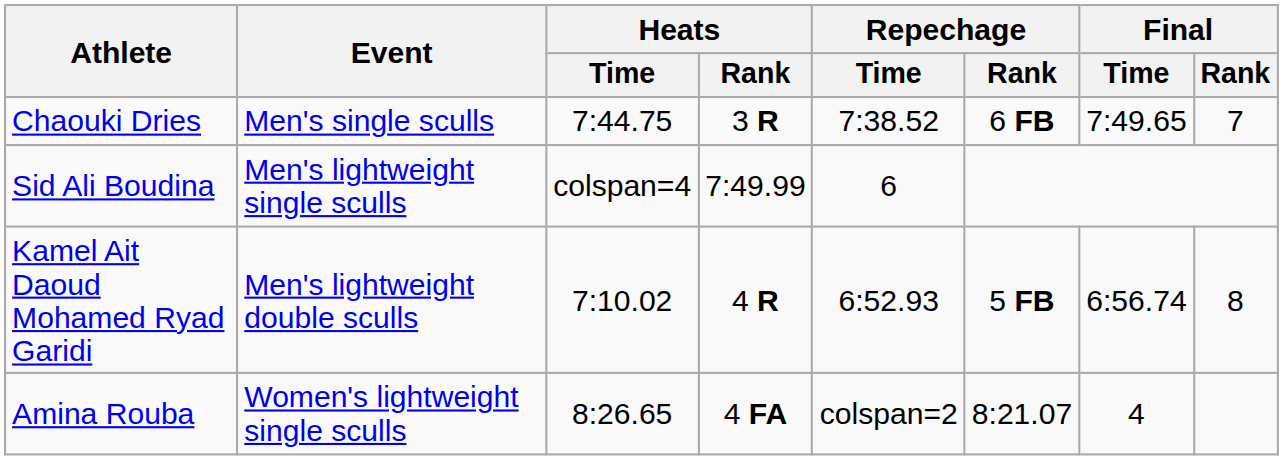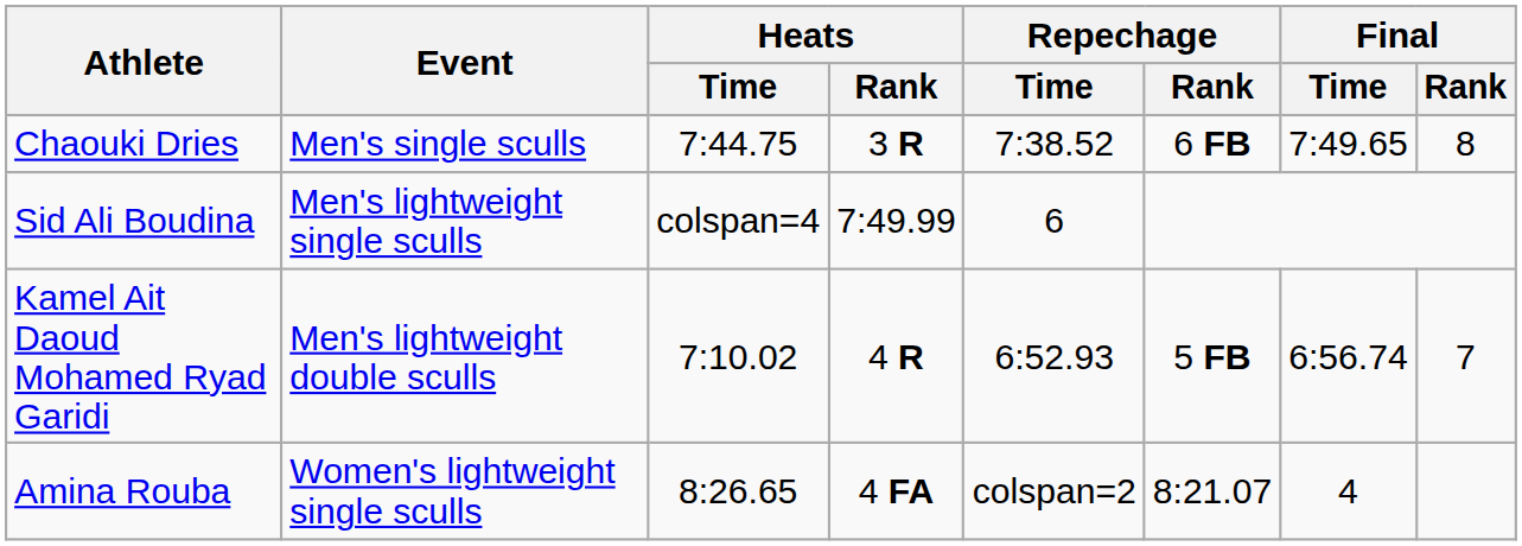 <table class="wikitable" style="font-size:90%">
 <tr>
 <th rowspan="2">Athlete</th>
 <th rowspan="2">Event</th>
 <th colspan="2">Heats</th>
 <th colspan="2">Repechage</th>
 <th colspan="2">Final</th>
 </tr>
 <tr style="font-size:95%">
 <th>Time</th>
 <th>Rank</th>
 <th>Time</th>
 <th>Rank</th>
 <th>Time</th>
 <th>Rank</th>
 </tr>
 <tr align=center>
 <td align=left><a href='#'>Chaouki Dries</a></td>
 <td align=left><a href='#'>Men's single sculls</a></td>
 <td>7:44.75</td>
 <td>3 <strong>R</strong></td>
 <td>7:38.52</td>
 <td>6 <strong>FB</strong></td>
 <td>7:49.65</td>
-<td>7</td>
+<td>8</td>
 </tr>
 <tr align=center>
 <td align=left><a href='#'>Sid Ali Boudina</a></td>
 <td align=left><a href='#'>Men's lightweight single sculls</a></td>
 <td>colspan=4 </td>
 <td>7:49.99</td>
 <td>6</td>
 </tr>
 <tr align=center>
 <td align=left><a href='#'>Kamel Ait Daoud</a><br><a href='#'>Mohamed Ryad Garidi</a></td>
 <td align=left><a href='#'>Men's lightweight double sculls</a></td>
 <td>7:10.02</td>
 <td>4 <strong>R</strong></td>
 <td>6:52.93</td>
 <td>5 <strong>FB</strong></td>
 <td>6:56.74</td>
-<td>8</td>
+<td>7</td>
 </tr>
 <tr align=center>
 <td align=left><a href='#'>Amina Rouba</a></td>
 <td align=left><a href='#'>Women's lightweight single sculls</a></td>
 <td>8:26.65</td>
 <td>4 <strong>FA</strong></td>
 <td>colspan=2 </td>
 <td>8:21.07</td>
 <td>4</td>
 </tr>
 </table>
